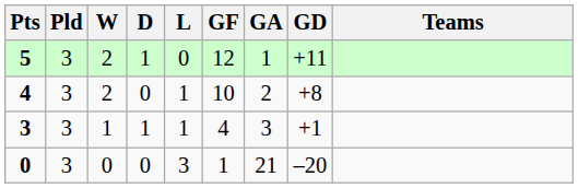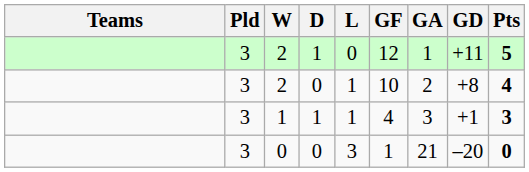 <table class="wikitable" style="text-align: center;">
 <tr>
-<th width=20>Pts</th>
+<th width=165>Teams</th>
 <th width=20>Pld</th>
 <th width=20>W</th>
 <th width=20>D</th>
 <th width=20>L</th>
 <th width=20>GF</th>
 <th width=20>GA</th>
 <th width=20>GD</th>
-<th width=165>Teams</th>
+<th width=20>Pts</th>
 </tr>
 <tr align=center style="background:#ccffcc;">
-<td><strong>5</strong></td>
+<td style="text-align:left;"></td>
 <td>3</td>
 <td>2</td>
 <td>1</td>
 <td>0</td>
 <td>12</td>
 <td>1</td>
 <td>+11</td>
-<td style="text-align:left;"></td>
+<td><strong>5</strong></td>
 </tr>
 <tr align=center>
-<td><strong>4</strong></td>
+<td style="text-align:left;"></td>
 <td>3</td>
 <td>2</td>
 <td>0</td>
 <td>1</td>
 <td>10</td>
 <td>2</td>
 <td>+8</td>
-<td style="text-align:left;"></td>
+<td><strong>4</strong></td>
 </tr>
 <tr align=center>
-<td><strong>3</strong></td>
+<td style="text-align:left;"></td>
 <td>3</td>
 <td>1</td>
 <td>1</td>
 <td>1</td>
 <td>4</td>
 <td>3</td>
 <td>+1</td>
-<td style="text-align:left;"></td>
+<td><strong>3</strong></td>
 </tr>
 <tr align=center>
-<td><strong>0</strong></td>
+<td style="text-align:left;"></td>
 <td>3</td>
 <td>0</td>
 <td>0</td>
 <td>3</td>
 <td>1</td>
 <td>21</td>
 <td>–20</td>
-<td style="text-align:left;"></td>
+<td><strong>0</strong></td>
 </tr>
 </table>
